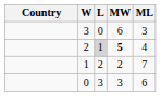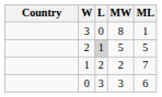 <table class="wikitable sortable" style="text-align:center">
 <tr>
 <th width=100>Country</th>
 <th>W</th>
 <th>L</th>
 <th>MW</th>
 <th>ML</th>
 </tr>
 <tr>
 <td align=left><strong></strong></td>
 <td>3</td>
 <td>0</td>
-<td>6</td>
-<td>3</td>
+<td>8</td>
+<td>1</td>
 </tr>
 <tr>
 <td align=left></td>
 <td>2</td>
 <td style="background: lightgrey;">1</td>
-<td><strong>5</strong></td>
-<td>4</td>
+<td>5</td>
+<td>5</td>
 </tr>
 <tr>
 <td align=left></td>
 <td>1</td>
 <td>2</td>
 <td>2</td>
 <td>7</td>
 </tr>
 <tr>
 <td align=left></td>
 <td>0</td>
 <td>3</td>
 <td>3</td>
 <td>6</td>
 </tr>
 </table>
